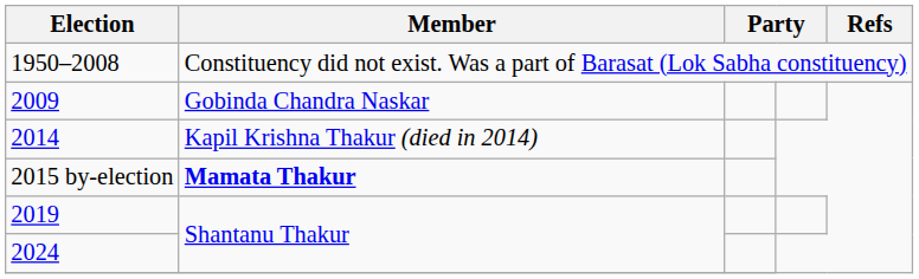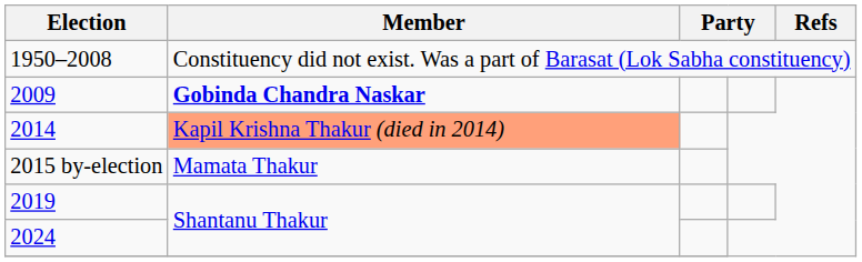 <table class="wikitable sortable">
 <tr>
 <th>Election</th>
 <th>Member</th>
 <th colspan="2">Party</th>
 <th>Refs</th>
 </tr>
 <tr>
 <td>1950–2008</td>
 <td colspan=4>Constituency did not exist. Was a part of <a href='#'>Barasat (Lok Sabha constituency)</a></td>
 </tr>
 <tr>
 <td><a href='#'>2009</a></td>
-<td><a href='#'>Gobinda Chandra Naskar</a></td>
+<td><strong><a href='#'>Gobinda Chandra Naskar</a></strong></td>
 <td></td>
 <td></td>
 </tr>
 <tr>
 <td><a href='#'>2014</a></td>
-<td><a href='#'>Kapil Krishna Thakur</a> <em>(died in 2014)</em></td>
+<td style="background: lightsalmon;"><a href='#'>Kapil Krishna Thakur</a> <em>(died in 2014)</em></td>
 <td></td>
 </tr>
 <tr>
 <td>2015 by-election</td>
-<td><strong><a href='#'>Mamata Thakur</a></strong></td>
+<td><a href='#'>Mamata Thakur</a></td>
 <td></td>
 </tr>
 <tr>
 <td><a href='#'>2019</a></td>
 <td rowspan=2><a href='#'>Shantanu Thakur</a></td>
 <td></td>
 <td></td>
 </tr>
 <tr>
 <td><a href='#'>2024</a></td>
 <td></td>
 </tr>
 <tr>
 </tr>
 </table>
